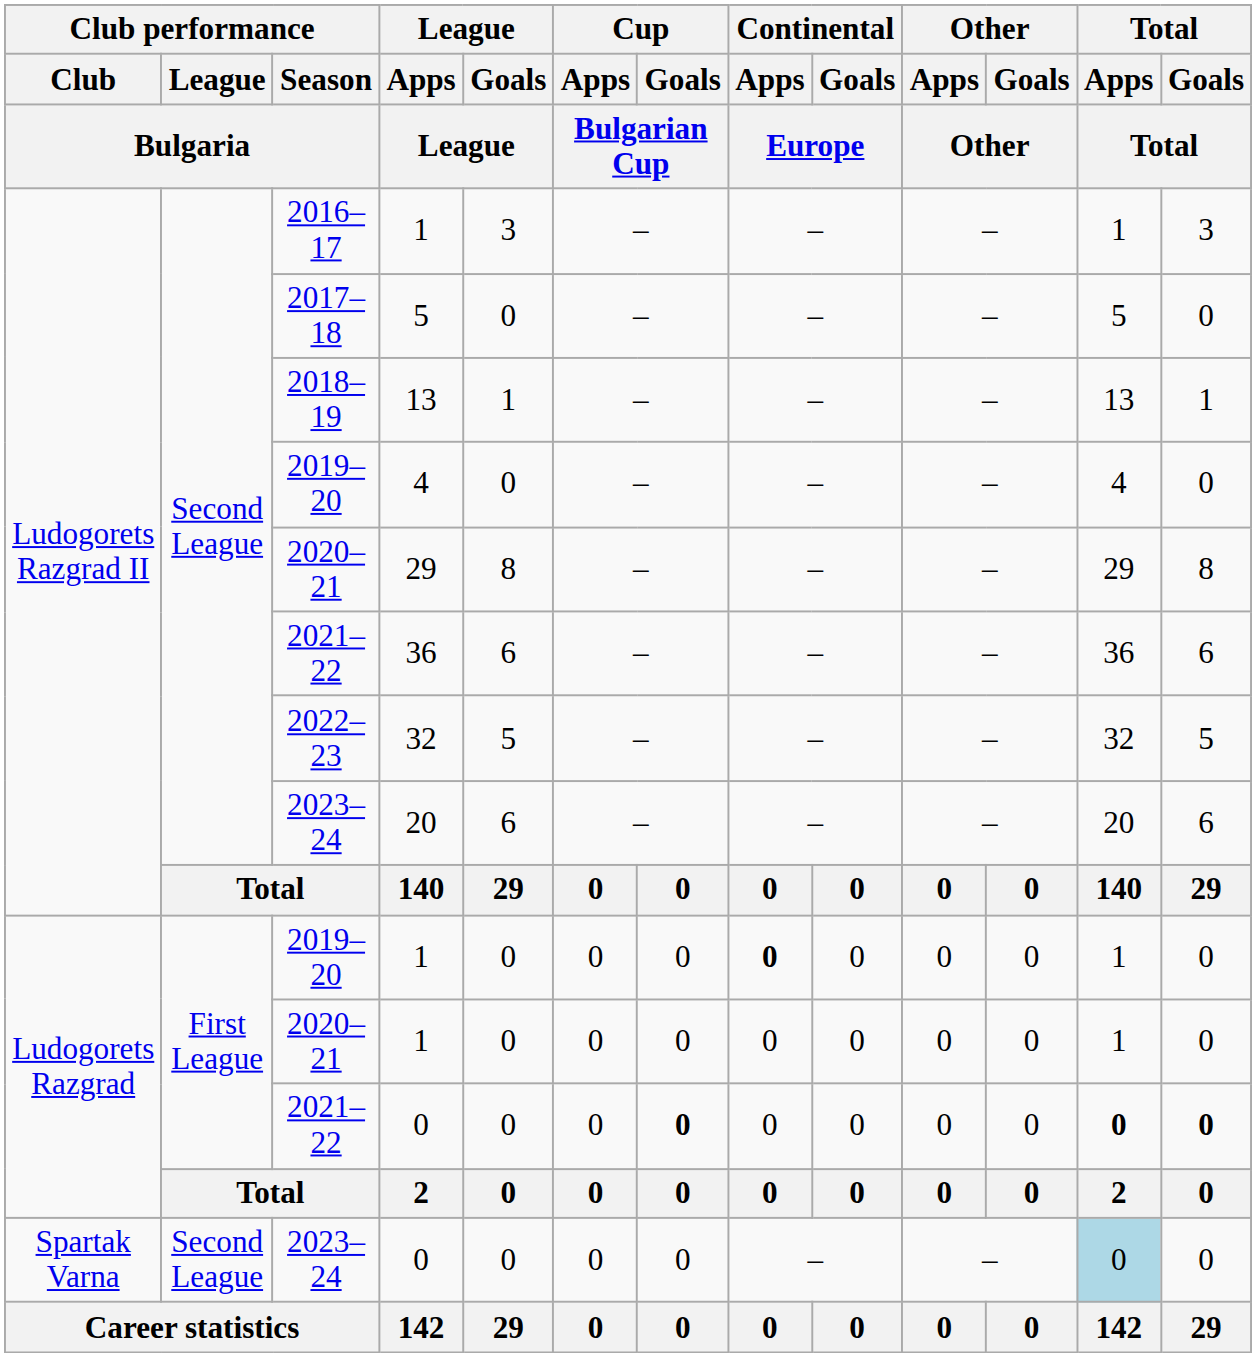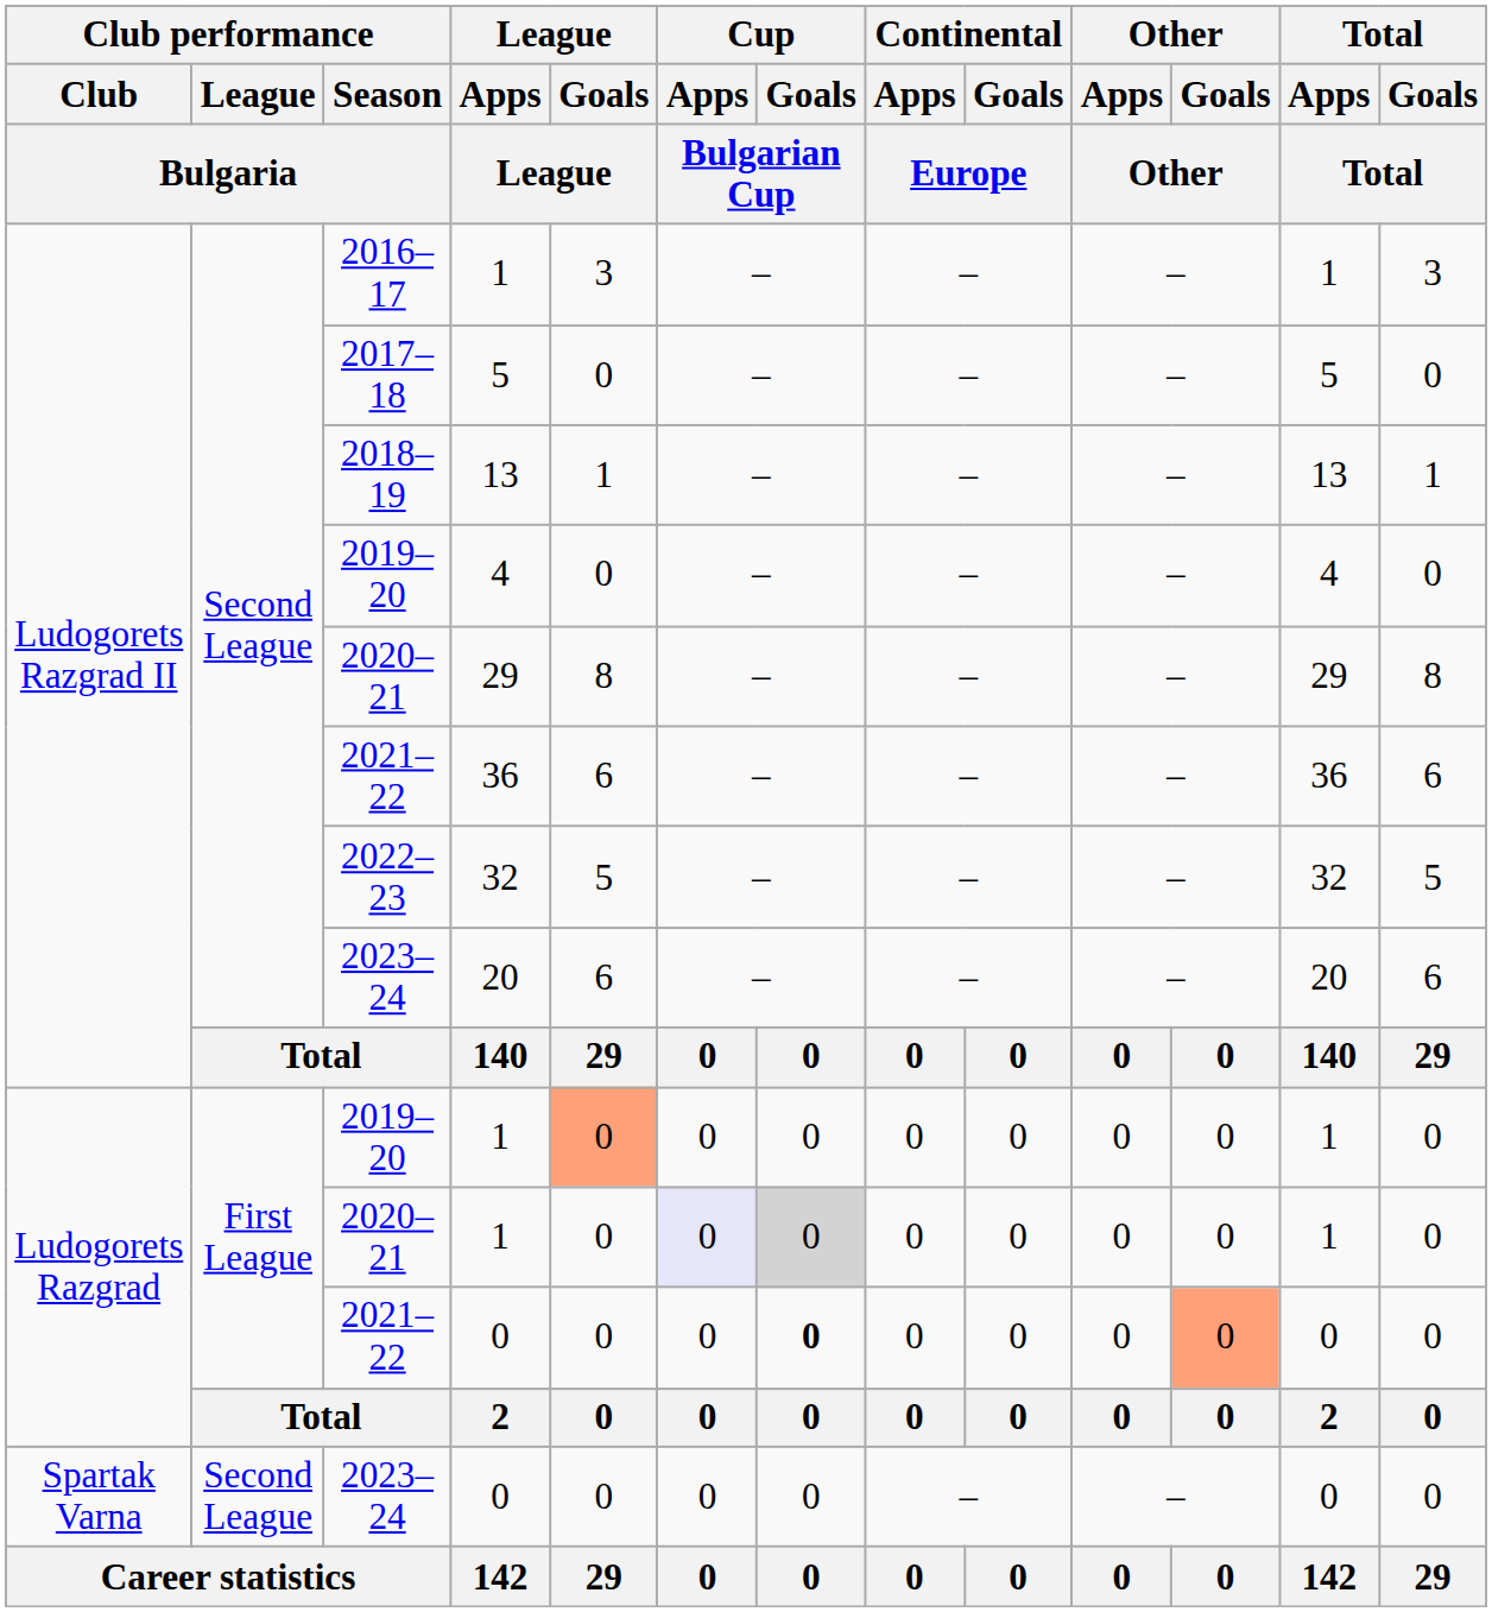 <table class="wikitable" style="text-align: center">
 <tr>
 <th colspan="3">Club performance</th>
 <th colspan="2">League</th>
 <th colspan="2">Cup</th>
 <th colspan="2">Continental</th>
 <th colspan="2">Other</th>
 <th colspan="3">Total</th>
 </tr>
 <tr>
 <th>Club</th>
 <th>League</th>
 <th>Season</th>
 <th>Apps</th>
 <th>Goals</th>
 <th>Apps</th>
 <th>Goals</th>
 <th>Apps</th>
 <th>Goals</th>
 <th>Apps</th>
 <th>Goals</th>
 <th>Apps</th>
 <th>Goals</th>
 </tr>
 <tr>
 <th colspan="3">Bulgaria</th>
 <th colspan="2">League</th>
 <th colspan="2"><a href='#'>Bulgarian Cup</a></th>
 <th colspan="2"><a href='#'>Europe</a></th>
 <th colspan="2">Other</th>
 <th colspan="2">Total</th>
 </tr>
 <tr>
 <td rowspan="9" valign="center"><a href='#'>Ludogorets Razgrad II</a></td>
 <td rowspan="8"><a href='#'>Second League</a></td>
 <td><a href='#'>2016–17</a></td>
 <td>1</td>
 <td>3</td>
 <td colspan="2">–</td>
 <td colspan="2">–</td>
 <td colspan="2">–</td>
 <td>1</td>
 <td>3</td>
 </tr>
 <tr>
 <td><a href='#'>2017–18</a></td>
 <td>5</td>
 <td>0</td>
 <td colspan="2">–</td>
 <td colspan="2">–</td>
 <td colspan="2">–</td>
 <td>5</td>
 <td>0</td>
 </tr>
 <tr>
 <td><a href='#'>2018–19</a></td>
 <td>13</td>
 <td>1</td>
 <td colspan="2">–</td>
 <td colspan="2">–</td>
 <td colspan="2">–</td>
 <td>13</td>
 <td>1</td>
 </tr>
 <tr>
 <td><a href='#'>2019–20</a></td>
 <td>4</td>
 <td>0</td>
 <td colspan="2">–</td>
 <td colspan="2">–</td>
 <td colspan="2">–</td>
 <td>4</td>
 <td>0</td>
 </tr>
 <tr>
 <td><a href='#'>2020–21</a></td>
 <td>29</td>
 <td>8</td>
 <td colspan="2">–</td>
 <td colspan="2">–</td>
 <td colspan="2">–</td>
 <td>29</td>
 <td>8</td>
 </tr>
 <tr>
 <td><a href='#'>2021–22</a></td>
 <td>36</td>
 <td>6</td>
 <td colspan="2">–</td>
 <td colspan="2">–</td>
 <td colspan="2">–</td>
 <td>36</td>
 <td>6</td>
 </tr>
 <tr>
 <td><a href='#'>2022–23</a></td>
 <td>32</td>
 <td>5</td>
 <td colspan="2">–</td>
 <td colspan="2">–</td>
 <td colspan="2">–</td>
 <td>32</td>
 <td>5</td>
 </tr>
 <tr>
 <td><a href='#'>2023–24</a></td>
 <td>20</td>
 <td>6</td>
 <td colspan="2">–</td>
 <td colspan="2">–</td>
 <td colspan="2">–</td>
 <td>20</td>
 <td>6</td>
 </tr>
 <tr>
 <th colspan=2>Total</th>
 <th>140</th>
 <th>29</th>
 <th>0</th>
 <th>0</th>
 <th>0</th>
 <th>0</th>
 <th>0</th>
 <th>0</th>
 <th>140</th>
 <th>29</th>
 </tr>
 <tr>
 <td rowspan="4" valign="center"><a href='#'>Ludogorets Razgrad</a></td>
 <td rowspan="3"><a href='#'>First League</a></td>
 <td><a href='#'>2019–20</a></td>
 <td>1</td>
+<td style="background: lightsalmon;">0</td>
 <td>0</td>
 <td>0</td>
 <td>0</td>
-<td><strong>0</strong></td>
 <td>0</td>
 <td>0</td>
 <td>0</td>
 <td>1</td>
 <td>0</td>
 </tr>
 <tr>
 <td><a href='#'>2020–21</a></td>
 <td>1</td>
 <td>0</td>
-<td>0</td>
-<td>0</td>
+<td style="background: lavender;">0</td>
+<td style="background: lightgrey;">0</td>
 <td>0</td>
 <td>0</td>
 <td>0</td>
 <td>0</td>
 <td>1</td>
 <td>0</td>
 </tr>
 <tr>
 <td><a href='#'>2021–22</a></td>
 <td>0</td>
 <td>0</td>
 <td>0</td>
 <td><strong>0</strong></td>
 <td>0</td>
 <td>0</td>
 <td>0</td>
+<td style="background: lightsalmon;">0</td>
 <td>0</td>
-<td><strong>0</strong></td>
-<td><strong>0</strong></td>
+<td>0</td>
 </tr>
 <tr>
 <th colspan=2>Total</th>
 <th>2</th>
 <th>0</th>
 <th>0</th>
 <th>0</th>
 <th>0</th>
 <th>0</th>
 <th>0</th>
 <th>0</th>
 <th>2</th>
 <th>0</th>
 </tr>
 <tr>
 <td rowspan="1" valign="center"><a href='#'>Spartak Varna</a></td>
 <td rowspan="1"><a href='#'>Second League</a></td>
 <td><a href='#'>2023–24</a></td>
 <td>0</td>
 <td>0</td>
 <td>0</td>
 <td>0</td>
 <td colspan="2">–</td>
 <td colspan="2">–</td>
-<td style="background: lightblue;">0</td>
+<td>0</td>
 <td>0</td>
 </tr>
 <tr>
 <th colspan="3">Career statistics</th>
 <th>142</th>
 <th>29</th>
 <th>0</th>
 <th>0</th>
 <th>0</th>
 <th>0</th>
 <th>0</th>
 <th>0</th>
 <th>142</th>
 <th>29</th>
 </tr>
 </table>
